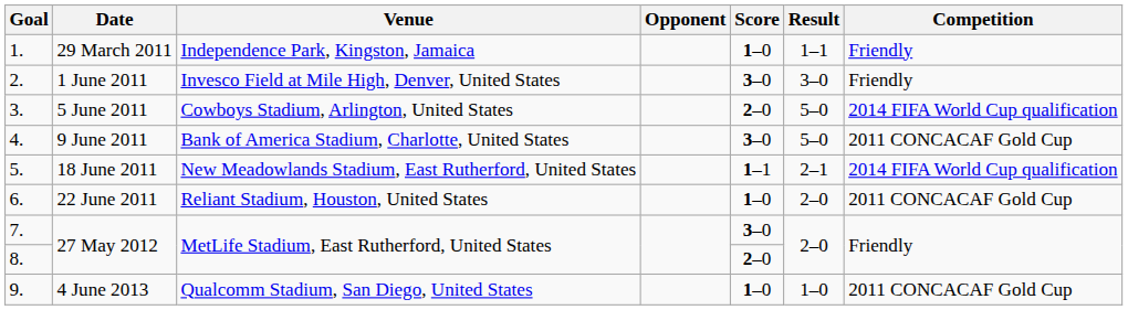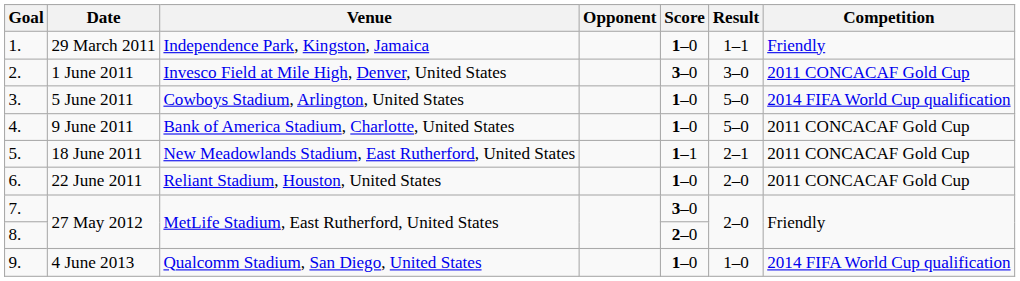 <table class="wikitable">
 <tr>
 <th>Goal</th>
 <th>Date</th>
 <th>Venue</th>
 <th>Opponent</th>
 <th>Score</th>
 <th>Result</th>
 <th>Competition</th>
 </tr>
 <tr>
 <td>1.</td>
 <td>29 March 2011</td>
 <td><a href='#'>Independence Park</a>, <a href='#'>Kingston</a>, <a href='#'>Jamaica</a></td>
 <td></td>
 <td align=center><strong>1</strong>–0</td>
 <td align=center>1–1</td>
 <td><a href='#'>Friendly</a></td>
 </tr>
 <tr>
 <td>2.</td>
 <td>1 June 2011</td>
 <td><a href='#'>Invesco Field at Mile High</a>, <a href='#'>Denver</a>, United States</td>
 <td></td>
 <td align=center><strong>3</strong>–0</td>
 <td align=center>3–0</td>
-<td>Friendly</td>
+<td><a href='#'>2011 CONCACAF Gold Cup</a></td>
 </tr>
 <tr>
 <td>3.</td>
 <td>5 June 2011</td>
 <td><a href='#'>Cowboys Stadium</a>, <a href='#'>Arlington</a>, United States</td>
 <td></td>
-<td align=center><strong>2</strong>–0</td>
+<td align=center><strong>1</strong>–0</td>
 <td align=center>5–0</td>
 <td><a href='#'>2014 FIFA World Cup qualification</a></td>
 </tr>
 <tr>
 <td>4.</td>
 <td>9 June 2011</td>
 <td><a href='#'>Bank of America Stadium</a>, <a href='#'>Charlotte</a>, United States</td>
 <td></td>
-<td align=center><strong>3</strong>–0</td>
+<td align=center><strong>1</strong>–0</td>
 <td align=center>5–0</td>
 <td>2011 CONCACAF Gold Cup</td>
 </tr>
 <tr>
 <td>5.</td>
 <td>18 June 2011</td>
 <td><a href='#'>New Meadowlands Stadium</a>, <a href='#'>East Rutherford</a>, United States</td>
 <td></td>
 <td align=center><strong>1</strong>–1</td>
 <td align=center>2–1</td>
-<td><a href='#'>2014 FIFA World Cup qualification</a></td>
+<td>2011 CONCACAF Gold Cup</td>
 </tr>
 <tr>
 <td>6.</td>
 <td>22 June 2011</td>
 <td><a href='#'>Reliant Stadium</a>, <a href='#'>Houston</a>, United States</td>
 <td></td>
 <td align=center><strong>1</strong>–0</td>
 <td align=center>2–0</td>
 <td>2011 CONCACAF Gold Cup</td>
 </tr>
 <tr>
 <td>7.</td>
 <td rowspan="2">27 May 2012</td>
 <td rowspan="2"><a href='#'>MetLife Stadium</a>, East Rutherford, United States</td>
 <td rowspan="2"></td>
 <td align=center><strong>3</strong>–0</td>
 <td rowspan="2" style="text-align:center;">2–0</td>
 <td rowspan="2">Friendly</td>
 </tr>
 <tr>
 <td>8.</td>
 <td align=center><strong>2</strong>–0</td>
 </tr>
 <tr>
 <td>9.</td>
 <td>4 June 2013</td>
 <td><a href='#'>Qualcomm Stadium</a>, <a href='#'>San Diego</a>, <a href='#'>United States</a></td>
 <td></td>
 <td align=center><strong>1</strong>–0</td>
 <td align=center>1–0</td>
-<td>2011 CONCACAF Gold Cup</td>
+<td><a href='#'>2014 FIFA World Cup qualification</a></td>
 </tr>
 </table>
